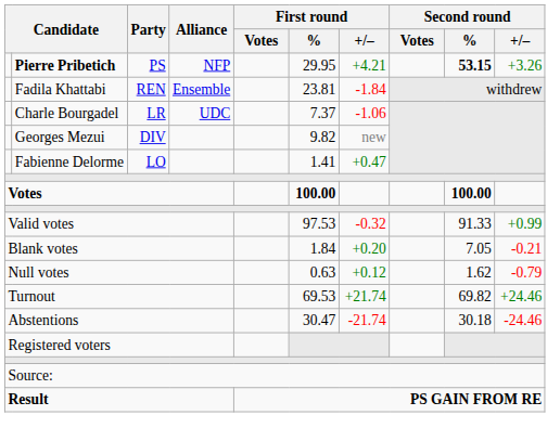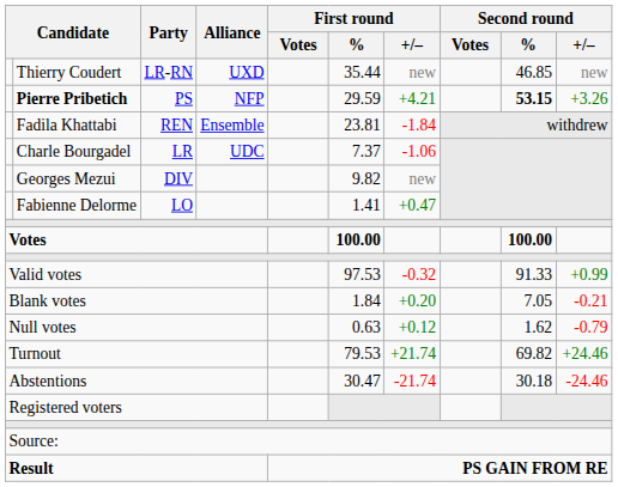 <table class="wikitable" style="text-align:right;font-size:95%;">
 <tr>
 <th rowspan="2" colspan="2">Candidate</th>
 <th colspan="1" rowspan="2">Party</th>
 <th colspan="1" rowspan="2">Alliance</th>
 <th colspan="3">First round</th>
 <th colspan="3">Second round</th>
 </tr>
 <tr>
 <th style="width:50px;">Votes</th>
 <th style="width:45px;">%</th>
 <th style="width:45px;">+/–</th>
 <th style="width:50px;">Votes</th>
 <th style="width:45px;">%</th>
 <th style="width:45px;">+/–</th>
 </tr>
 <tr>
 <td style="color:inherit;background:"></td>
+<td style="text-align:left;">Thierry Coudert</td>
+<td><a href='#'>LR</a>-<a href='#'>RN</a></td>
+<td><a href='#'>UXD</a></td>
+<td></td>
+<td>35.44</td>
+<td style="color:grey;">new</td>
+<td></td>
+<td>46.85</td>
+<td style="color:grey;">new</td>
+</tr>
+<tr>
+<td style="color:inherit;background:"></td>
 <td style="text-align:left;"><strong>Pierre Pribetich</strong></td>
 <td><a href='#'>PS</a></td>
 <td><a href='#'>NFP</a></td>
 <td></td>
-<td>29.95</td>
+<td>29.59</td>
 <td style="color:green;">+4.21</td>
 <td><strong></strong></td>
 <td><strong>53.15</strong></td>
 <td style="color:green;">+3.26</td>
 </tr>
 <tr>
 <td style="color:inherit;background:"></td>
 <td style="text-align:left;">Fadila Khattabi</td>
 <td><a href='#'>REN</a></td>
 <td><a href='#'>Ensemble</a></td>
 <td></td>
 <td>23.81</td>
 <td style="color:red;">-1.84</td>
 <td colspan="3" style="background:#E9E9E9;">withdrew</td>
 </tr>
 <tr>
 <td style="color:inherit;background:"></td>
 <td style="text-align:left;">Charle Bourgadel</td>
 <td><a href='#'>LR</a></td>
 <td><a href='#'>UDC</a></td>
 <td></td>
 <td>7.37</td>
 <td style="color:red;">-1.06</td>
 <td colspan="3" rowspan="3" style="background:#E9E9E9;"></td>
 </tr>
 <tr>
 <td style="color:inherit;background:"></td>
 <td style="text-align:left;">Georges Mezui</td>
 <td><a href='#'>DIV</a></td>
 <td></td>
 <td></td>
 <td>9.82</td>
 <td style="color:grey;">new</td>
 </tr>
 <tr>
 <td style="color:inherit;background:"></td>
 <td style="text-align:left;">Fabienne Delorme</td>
 <td><a href='#'>LO</a></td>
 <td></td>
 <td></td>
 <td>1.41</td>
 <td style="color:green;">+0.47</td>
 </tr>
 <tr>
 <td colspan="10" style="background:#E9E9E9;"></td>
 </tr>
 <tr style="font-weight:bold;">
 <td colspan="4" style="text-align:left;">Votes</td>
 <td></td>
 <td>100.00</td>
 <td></td>
 <td></td>
 <td>100.00</td>
 <td></td>
 </tr>
 <tr>
 <td colspan="10" style="background:#E9E9E9;"></td>
 </tr>
 <tr>
 <td colspan="4" style="text-align:left;">Valid votes</td>
 <td></td>
 <td>97.53</td>
 <td style="color:red;">-0.32</td>
 <td></td>
 <td>91.33</td>
 <td style="color:green;">+0.99</td>
 </tr>
 <tr>
 <td colspan="4" style="text-align:left;">Blank votes</td>
 <td></td>
 <td>1.84</td>
 <td style="color:green;">+0.20</td>
 <td></td>
 <td>7.05</td>
 <td style="color:red;">-0.21</td>
 </tr>
 <tr>
 <td colspan="4" style="text-align:left;">Null votes</td>
 <td></td>
 <td>0.63</td>
 <td style="color:green;">+0.12</td>
 <td></td>
 <td>1.62</td>
 <td style="color:red;">-0.79</td>
 </tr>
 <tr>
 <td colspan="4" style="text-align:left;">Turnout</td>
 <td></td>
-<td>69.53</td>
+<td>79.53</td>
 <td style="color:green;">+21.74</td>
 <td></td>
 <td>69.82</td>
 <td style="color:green;">+24.46</td>
 </tr>
 <tr>
 <td colspan="4" style="text-align:left;">Abstentions</td>
 <td></td>
 <td>30.47</td>
 <td style="color:red;">-21.74</td>
 <td></td>
 <td>30.18</td>
 <td style="color:red;">-24.46</td>
 </tr>
 <tr>
 <td colspan="4" style="text-align:left;">Registered voters</td>
 <td></td>
 <td colspan="2" style="background:#E9E9E9;"></td>
 <td></td>
 <td colspan="2" style="background:#E9E9E9;"></td>
 </tr>
 <tr>
 <td colspan="10" style="background:#E9E9E9;"></td>
 </tr>
 <tr>
 <td colspan="10" style="text-align:left;">Source: </td>
 </tr>
 <tr style="font-weight:bold">
 <td colspan="4" style="text-align:left;">Result</td>
 <td colspan="6" style="background-color:">PS GAIN FROM RE</td>
 </tr>
 </table>
